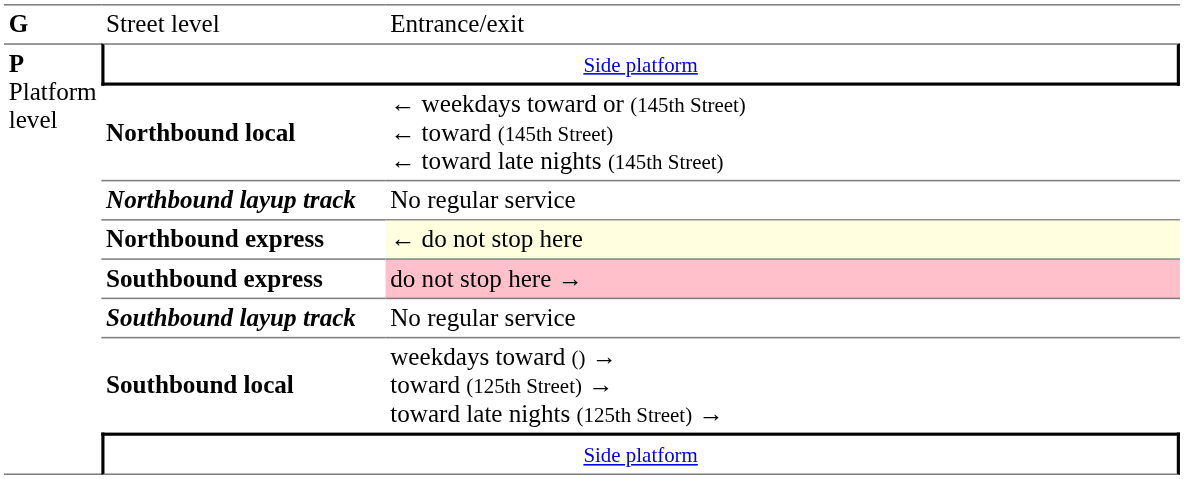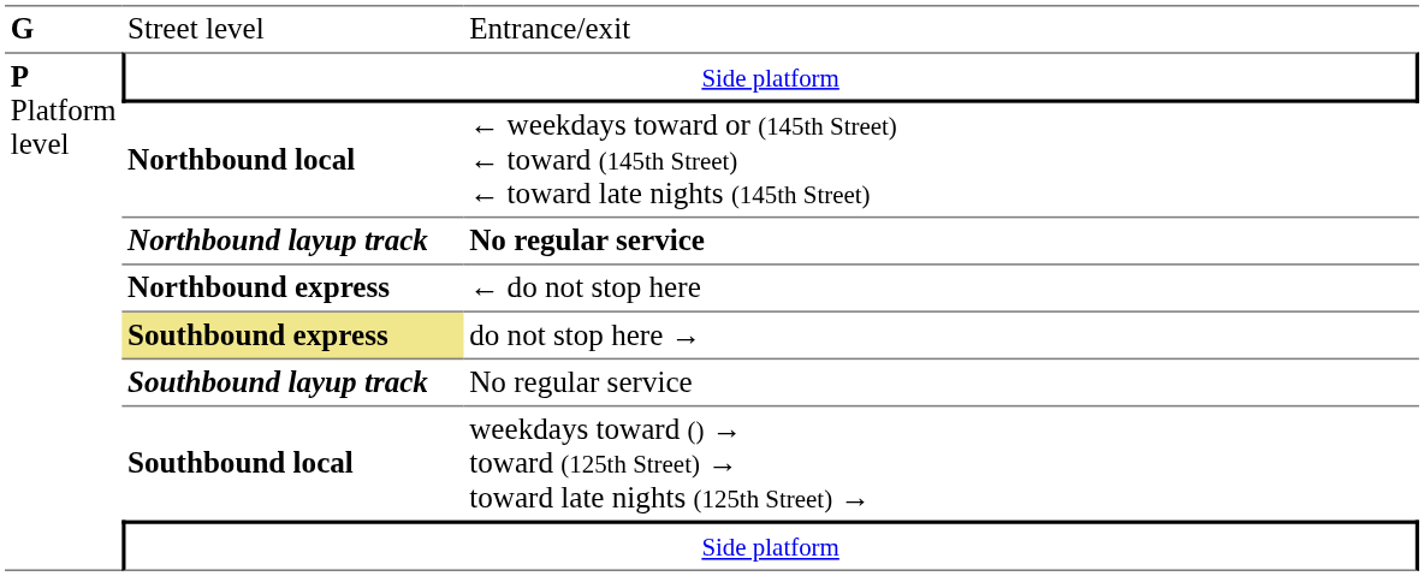 <table table border=0 cellspacing=0 cellpadding=3>
 <tr>
 <td style="border-top:solid 1px gray;" width=50><strong>G</strong></td>
 <td style="border-top:solid 1px gray;" width=175>Street level</td>
 <td style="border-top:solid 1px gray;" width=500>Entrance/exit</td>
 </tr>
 <tr>
 <td style="border-bottom:solid 1px gray;border-top:solid 1px gray;" rowspan=8 valign=top><strong>P</strong><br>Platform level</td>
 <td style="border-top:solid 1px gray;border-right:solid 2px black;border-left:solid 2px black;border-bottom:solid 2px black;text-align:center;" colspan=2><small><a href='#'>Side platform</a></small></td>
 </tr>
 <tr>
 <td style="border-bottom:solid 1px gray;"><strong>Northbound local</strong></td>
 <td style="border-bottom:solid 1px gray;">←  weekdays toward  or  <small>(145th Street)</small><br>←  toward  <small>(145th Street)</small><br>←  toward  late nights <small>(145th Street)</small></td>
 </tr>
 <tr>
 <td style="border-bottom:solid 1px gray;"><strong><em>Northbound layup track</em></strong></td>
-<td style="border-bottom:solid 1px gray;"> No regular service</td>
+<td style="border-bottom:solid 1px gray;"><strong> No regular service</strong></td>
 </tr>
 <tr>
 <td style="border-bottom:solid 1px gray;"><strong>Northbound express</strong></td>
-<td style="background: lightyellow; border-bottom:solid 1px gray;">←  do not stop here</td>
+<td style="border-bottom:solid 1px gray;">←  do not stop here</td>
 </tr>
 <tr>
-<td style="border-bottom:solid 1px gray;"><strong>Southbound express</strong></td>
-<td style="background: pink; border-bottom:solid 1px gray;">  do not stop here →</td>
+<td style="background: khaki; border-bottom:solid 1px gray;"><strong>Southbound express</strong></td>
+<td style="border-bottom:solid 1px gray;">  do not stop here →</td>
 </tr>
 <tr>
 <td style="border-bottom:solid 1px gray;"><strong><em>Southbound layup track</em></strong></td>
 <td style="border-bottom:solid 1px gray;"> No regular service</td>
 </tr>
 <tr>
 <td><strong>Southbound local</strong></td>
 <td>  weekdays toward  <small>()</small> →<br>  toward  <small>(125th Street)</small> →<br>  toward  late nights <small>(125th Street)</small> →</td>
 </tr>
 <tr>
 <td style="border-bottom:solid 1px gray;border-top:solid 2px black;border-right:solid 2px black;border-left:solid 2px black;text-align:center;" colspan=2><small><a href='#'>Side platform</a></small></td>
 </tr>
 </table>
